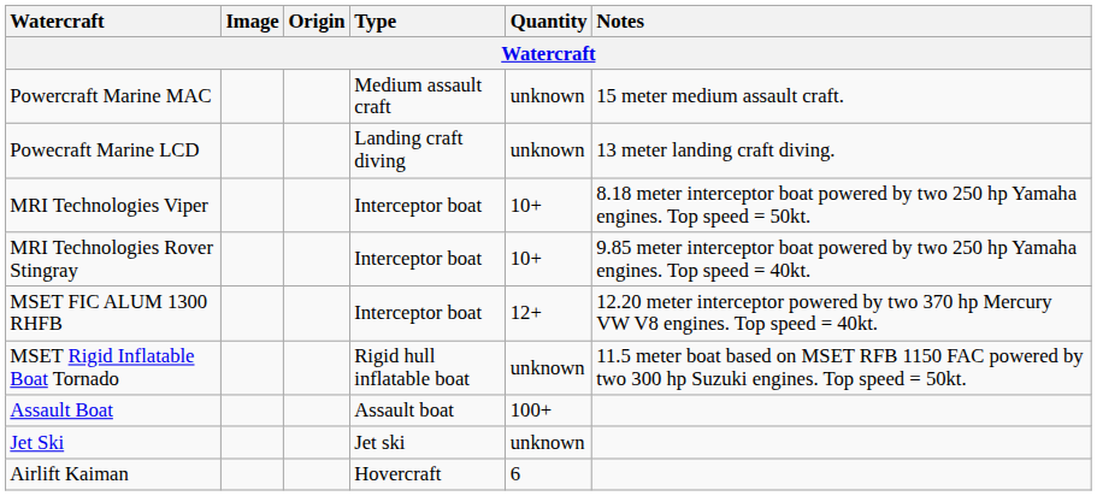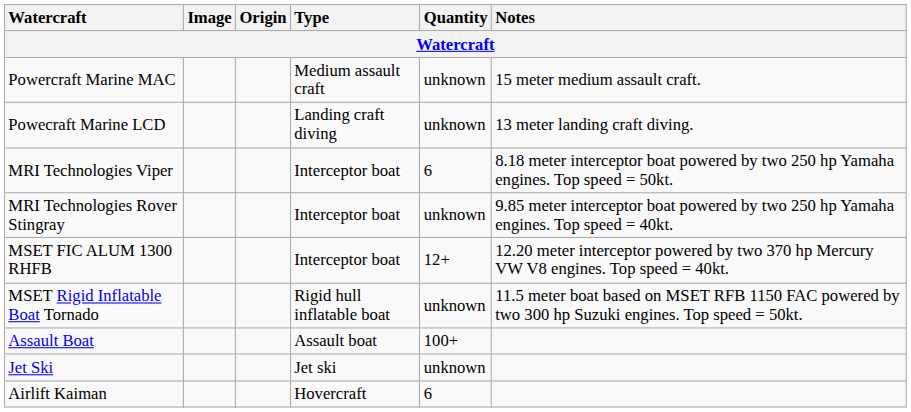 <table class="wikitable">
 <tr>
 <th style="text-align: left;">Watercraft</th>
 <th style="text-align: left;">Image</th>
 <th style="text-align: left;">Origin</th>
 <th style="text-align: left;">Type</th>
 <th style="text-align: left;">Quantity</th>
 <th style="text-align: left;">Notes</th>
 </tr>
 <tr>
 <th style="align: center;" colspan="6"><a href='#'>Watercraft</a></th>
 </tr>
 <tr>
 <td>Powercraft Marine MAC</td>
 <td></td>
 <td></td>
 <td>Medium assault craft</td>
 <td>unknown</td>
 <td>15 meter medium assault craft.</td>
 </tr>
 <tr>
 <td>Powecraft Marine LCD</td>
 <td></td>
 <td></td>
 <td>Landing craft diving</td>
 <td>unknown</td>
 <td>13 meter landing craft diving.</td>
 </tr>
 <tr>
 <td>MRI Technologies Viper</td>
 <td></td>
 <td></td>
 <td>Interceptor boat</td>
-<td>10+</td>
+<td>6</td>
 <td>8.18 meter interceptor boat powered by  two 250 hp Yamaha engines. Top speed = 50kt.</td>
 </tr>
 <tr>
 <td>MRI Technologies Rover Stingray</td>
 <td></td>
 <td></td>
 <td>Interceptor boat</td>
-<td>10+</td>
+<td>unknown</td>
 <td>9.85 meter interceptor boat powered by two 250 hp Yamaha engines. Top speed = 40kt.</td>
 </tr>
 <tr>
 <td>MSET FIC ALUM 1300 RHFB</td>
 <td></td>
 <td></td>
 <td>Interceptor boat</td>
 <td>12+</td>
 <td>12.20 meter interceptor powered by two 370 hp Mercury VW V8 engines. Top speed = 40kt.</td>
 </tr>
 <tr>
 <td>MSET <a href='#'>Rigid Inflatable Boat</a> Tornado</td>
 <td></td>
 <td></td>
 <td>Rigid hull inflatable boat</td>
 <td>unknown</td>
 <td>11.5 meter boat based on MSET RFB 1150 FAC powered by two 300 hp Suzuki engines. Top speed = 50kt.</td>
 </tr>
 <tr>
 <td><a href='#'>Assault Boat</a></td>
 <td></td>
 <td></td>
 <td>Assault boat</td>
 <td>100+</td>
 <td></td>
 </tr>
 <tr>
 <td><a href='#'>Jet Ski</a></td>
 <td></td>
 <td></td>
 <td>Jet ski</td>
 <td>unknown</td>
 <td></td>
 </tr>
 <tr>
 <td>Airlift Kaiman</td>
 <td></td>
 <td></td>
 <td>Hovercraft</td>
 <td>6</td>
 <td></td>
 </tr>
 </table>
